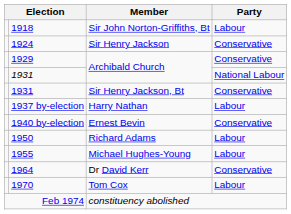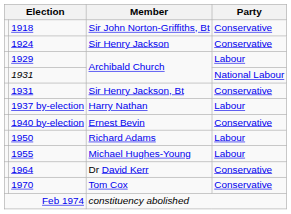 <table class="wikitable">
 <tr>
 <th colspan="2">Election</th>
 <th>Member</th>
 <th>Party</th>
 </tr>
 <tr>
 <td style="color:inherit;background-color: "></td>
 <td><a href='#'>1918</a></td>
 <td><a href='#'>Sir John Norton-Griffiths, Bt</a></td>
-<td><a href='#'>Labour</a></td>
+<td><a href='#'>Conservative</a></td>
 </tr>
 <tr>
 <td style="color:inherit;background-color: "></td>
 <td><a href='#'>1924</a></td>
 <td><a href='#'>Sir Henry Jackson</a></td>
 <td><a href='#'>Conservative</a></td>
 </tr>
 <tr>
 <td style="color:inherit;background-color: "></td>
 <td><a href='#'>1929</a></td>
 <td rowspan="2"><a href='#'>Archibald Church</a></td>
-<td><a href='#'>Conservative</a></td>
+<td><a href='#'>Labour</a></td>
 </tr>
 <tr>
 <td style="color:inherit;background-color: "></td>
 <td><em>1931</em></td>
 <td><a href='#'>National Labour</a></td>
 </tr>
 <tr>
 <td style="color:inherit;background-color: "></td>
 <td><a href='#'>1931</a></td>
 <td><a href='#'>Sir Henry Jackson, Bt</a></td>
 <td><a href='#'>Conservative</a></td>
 </tr>
 <tr>
 <td style="color:inherit;background-color: "></td>
 <td><a href='#'>1937 by-election</a></td>
 <td><a href='#'>Harry Nathan</a></td>
 <td><a href='#'>Labour</a></td>
 </tr>
 <tr>
 <td style="color:inherit;background-color: "></td>
 <td><a href='#'>1940 by-election</a></td>
 <td><a href='#'>Ernest Bevin</a></td>
 <td><a href='#'>Conservative</a></td>
 </tr>
 <tr>
 <td style="color:inherit;background-color: "></td>
 <td><a href='#'>1950</a></td>
 <td><a href='#'>Richard Adams</a></td>
 <td><a href='#'>Labour</a></td>
 </tr>
 <tr>
 <td style="color:inherit;background-color: "></td>
 <td><a href='#'>1955</a></td>
 <td><a href='#'>Michael Hughes-Young</a></td>
 <td><a href='#'>Labour</a></td>
 </tr>
 <tr>
 <td style="color:inherit;background-color: "></td>
 <td><a href='#'>1964</a></td>
 <td>Dr <a href='#'>David Kerr</a></td>
 <td><a href='#'>Conservative</a></td>
 </tr>
 <tr>
 <td style="color:inherit;background-color: "></td>
 <td><a href='#'>1970</a></td>
 <td><a href='#'>Tom Cox</a></td>
-<td><a href='#'>Labour</a></td>
+<td><a href='#'>Conservative</a></td>
 </tr>
 <tr>
 <td colspan="2" align="right"><a href='#'>Feb 1974</a></td>
 <td colspan="2"><em>constituency abolished</em></td>
 </tr>
 </table>
